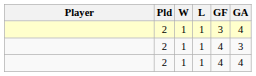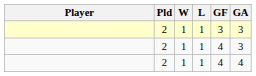 <table class=wikitable style="text-align:center">
 <tr>
 <th width=220>Player</th>
 <th width=20>Pld</th>
 <th width=20>W</th>
 <th width=20>L</th>
 <th width=20>GF</th>
 <th width=20>GA</th>
 </tr>
 <tr bgcolor=#ffffcc>
 <td align=left></td>
 <td>2</td>
 <td>1</td>
 <td>1</td>
 <td>3</td>
-<td>4</td>
+<td>3</td>
 </tr>
 <tr>
 <td align=left></td>
 <td>2</td>
 <td>1</td>
 <td>1</td>
 <td>4</td>
 <td>3</td>
 </tr>
 <tr>
 <td align=left></td>
 <td>2</td>
 <td>1</td>
 <td>1</td>
 <td>4</td>
 <td>4</td>
 </tr>
 </table>
